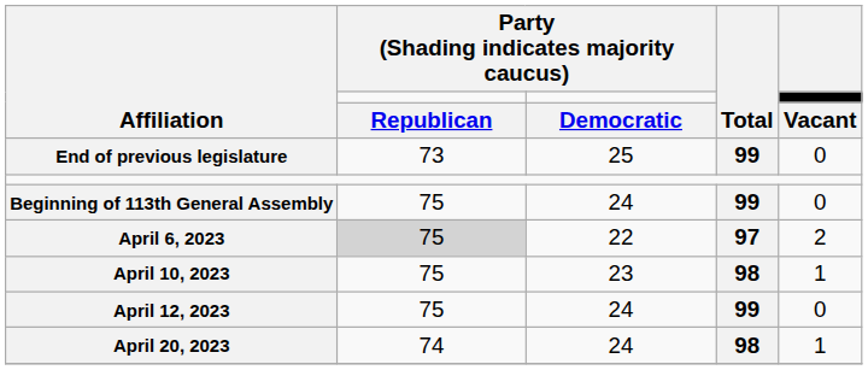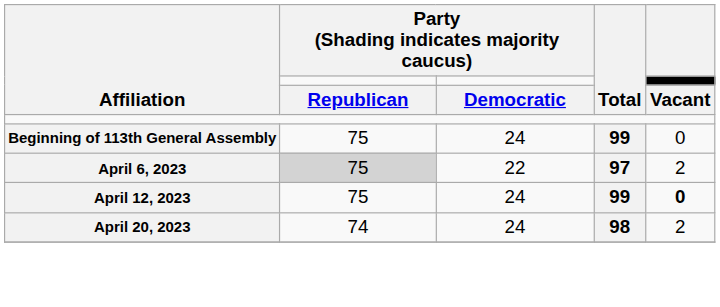 <table class=wikitable style="text-align:center">
 <tr style="vertical-align:bottom;">
 <th rowspan=3>Affiliation</th>
 <th colspan="2">Party <div>(Shading indicates majority caucus)</div></th>
 <th rowspan=3>Total</th>
 <th></th>
 </tr>
 <tr>
 <td style="background-color:"></td>
 <td style="background-color:"></td>
 <td style="background-color:black"></td>
 </tr>
 <tr>
 <th><a href='#'>Republican</a></th>
 <th><a href='#'>Democratic</a></th>
 <th>Vacant</th>
-</tr>
-<tr>
-<th nowrap style="font-size:80%">End of previous legislature</th>
-<td>73</td>
-<td>25</td>
-<th>99</th>
-<td>0</td>
 </tr>
 <tr>
 <td colspan="5"></td>
 </tr>
 <tr>
 <th nowrap style="font-size:80%">Beginning of 113th General Assembly</th>
 <td>75</td>
 <td>24</td>
 <th>99</th>
 <td>0</td>
 </tr>
 <tr>
 <th nowrap style="font-size:80%">April 6, 2023</th>
 <td style="background: lightgrey;">75</td>
 <td>22</td>
 <th>97</th>
 <td>2</td>
 </tr>
 <tr>
-<th nowrap style="font-size:80%">April 10, 2023</th>
-<td>75</td>
-<td>23</td>
-<th>98</th>
-<td>1</td>
-</tr>
-<tr>
 <th nowrap style="font-size:80%">April 12, 2023</th>
 <td>75</td>
 <td>24</td>
 <th>99</th>
-<td>0</td>
+<td><strong>0</strong></td>
 </tr>
 <tr>
 <th nowrap style="font-size:80%">April 20, 2023</th>
 <td>74</td>
 <td>24</td>
 <th>98</th>
-<td>1</td>
+<td>2</td>
 </tr>
 <tr>
 </tr>
 </table>
